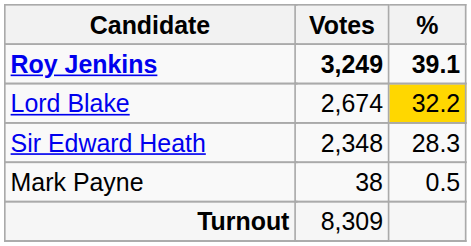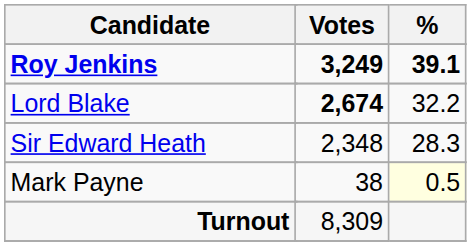 <table class="wikitable" style="font-size: 95%;">
 <tr>
 <th colspan="2" style="width: 170px">Candidate</th>
 <th style="width: 50px">Votes</th>
 <th style="width: 40px">%</th>
 </tr>
 <tr>
 </tr>
 <tr>
 <td colspan="2" style="width: 170px"><strong><a href='#'>Roy Jenkins</a></strong></td>
 <td align="right"><strong>3,249</strong></td>
 <td align="right"><strong>39.1</strong></td>
 </tr>
 <tr>
 </tr>
 <tr>
 <td colspan="2" style="width: 170px"><a href='#'>Lord Blake</a></td>
-<td align="right">2,674</td>
-<td align="right" style="background: gold;">32.2</td>
+<td align="right"><strong>2,674</strong></td>
+<td align="right">32.2</td>
 </tr>
 <tr>
 </tr>
 <tr>
 <td colspan="2" style="width: 170px"><a href='#'>Sir Edward Heath</a></td>
 <td align="right">2,348</td>
 <td align="right">28.3</td>
 </tr>
 <tr>
 </tr>
 <tr>
 <td colspan="2" style="width: 170px">Mark Payne</td>
 <td align="right">38</td>
-<td align="right">0.5</td>
+<td align="right" style="background: lightyellow;">0.5</td>
 </tr>
 <tr>
 </tr>
 <tr>
 </tr>
 <tr style="background-color:#F6F6F6">
 <td colspan="2" align="right"><strong>Turnout</strong></td>
 <td align="right">8,309</td>
 <td align="right"></td>
 </tr>
 <tr>
 </tr>
 </table>
